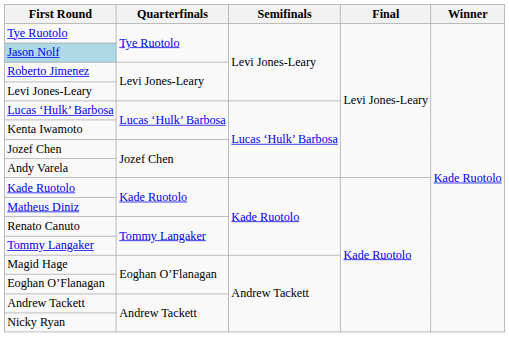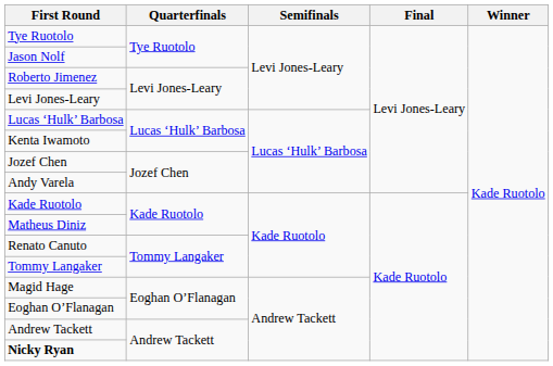 <table class="wikitable">
 <tr>
 <th>First Round</th>
 <th>Quarterfinals</th>
 <th>Semifinals</th>
 <th>Final</th>
 <th>Winner</th>
 </tr>
 <tr>
 <td> <a href='#'>Tye Ruotolo</a></td>
 <td rowspan="2"> <a href='#'>Tye Ruotolo</a></td>
 <td rowspan="4"> Levi Jones-Leary</td>
 <td rowspan="8"> Levi Jones-Leary</td>
 <td rowspan="16"> <a href='#'>Kade Ruotolo</a></td>
 </tr>
 <tr>
-<td style="background: lightblue;"> <a href='#'>Jason Nolf</a></td>
+<td> <a href='#'>Jason Nolf</a></td>
 </tr>
 <tr>
 <td> <a href='#'>Roberto Jimenez</a></td>
 <td rowspan="2"> Levi Jones-Leary</td>
 </tr>
 <tr>
 <td> Levi Jones-Leary</td>
 </tr>
 <tr>
 <td> <a href='#'>Lucas ‘Hulk’ Barbosa</a></td>
 <td rowspan="2"> <a href='#'>Lucas ‘Hulk’ Barbosa</a></td>
 <td rowspan="4"> <a href='#'>Lucas ‘Hulk’ Barbosa</a></td>
 </tr>
 <tr>
 <td> Kenta Iwamoto</td>
 </tr>
 <tr>
 <td> Jozef Chen</td>
 <td rowspan="2"> Jozef Chen</td>
 </tr>
 <tr>
 <td> Andy Varela</td>
 </tr>
 <tr>
 <td> <a href='#'>Kade Ruotolo</a></td>
 <td rowspan="2"> <a href='#'>Kade Ruotolo</a></td>
 <td rowspan="4"> <a href='#'>Kade Ruotolo</a></td>
 <td rowspan="8"> <a href='#'>Kade Ruotolo</a></td>
 </tr>
 <tr>
 <td> <a href='#'>Matheus Diniz</a></td>
 </tr>
 <tr>
 <td> Renato Canuto</td>
 <td rowspan="2"> <a href='#'>Tommy Langaker</a></td>
 </tr>
 <tr>
 <td> <a href='#'>Tommy Langaker</a></td>
 </tr>
 <tr>
 <td> Magid Hage</td>
 <td rowspan="2"> Eoghan O’Flanagan</td>
 <td rowspan="4"> Andrew Tackett</td>
 </tr>
 <tr>
 <td> Eoghan O’Flanagan</td>
 </tr>
 <tr>
 <td> Andrew Tackett</td>
 <td rowspan="2"> Andrew Tackett</td>
 </tr>
 <tr>
-<td> Nicky Ryan</td>
+<td><strong> Nicky Ryan</strong></td>
 </tr>
 </table>
